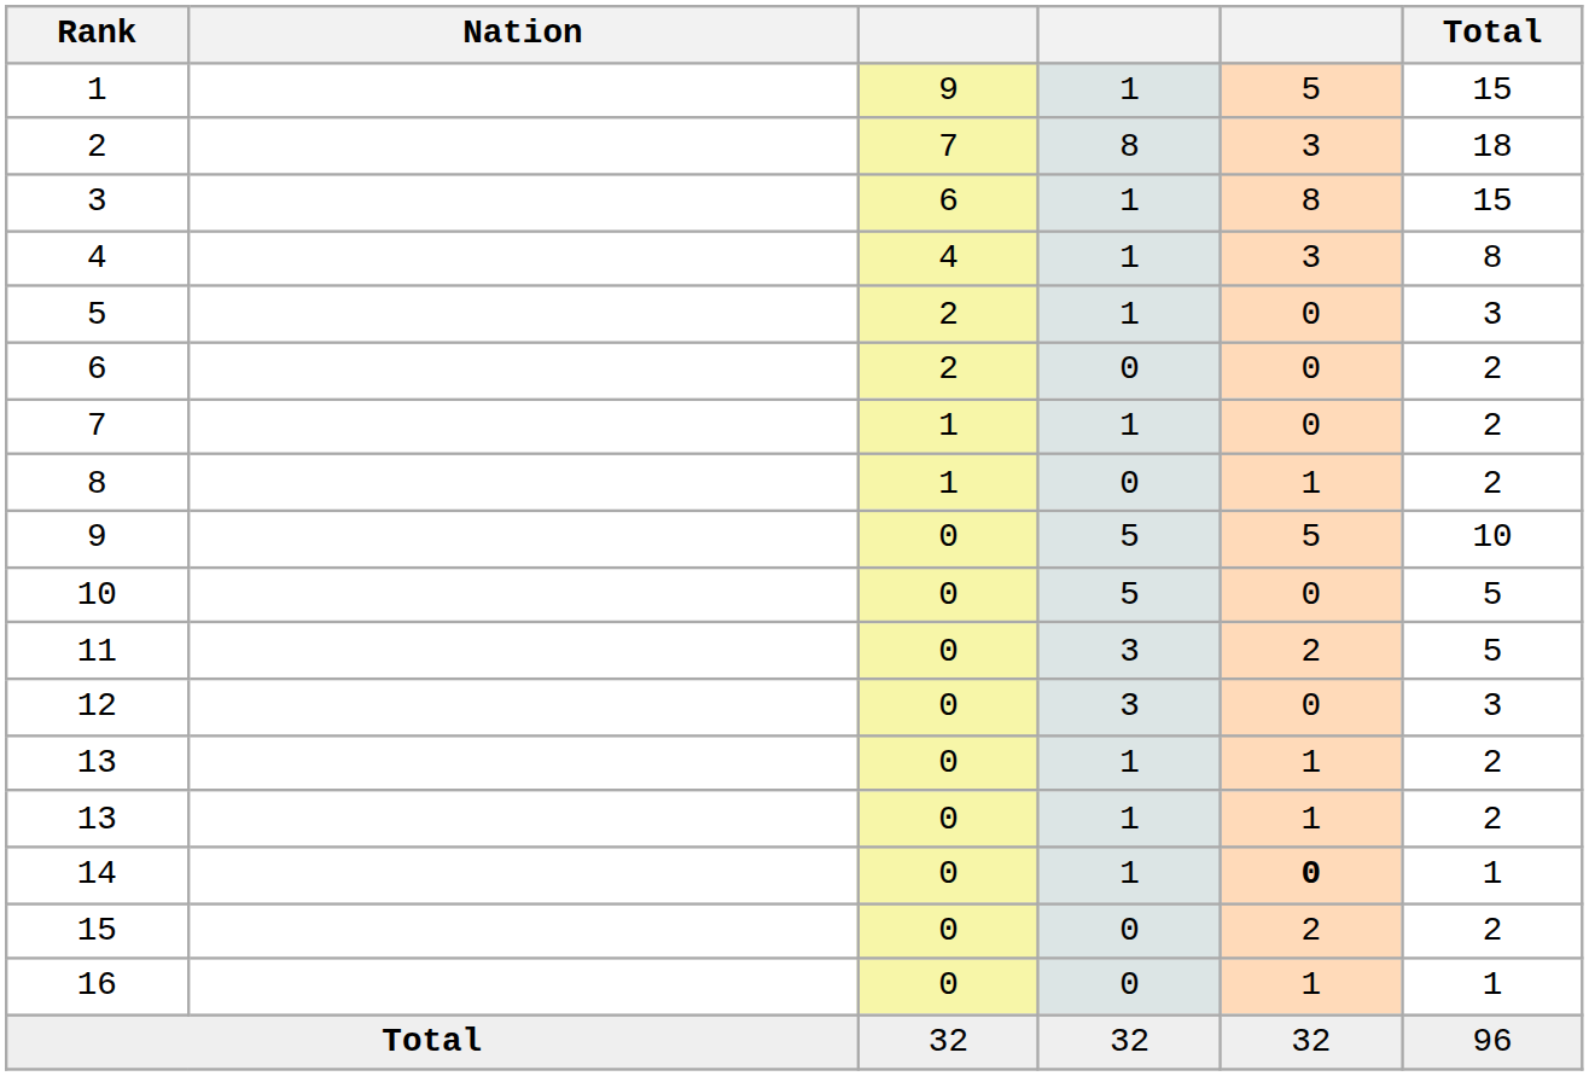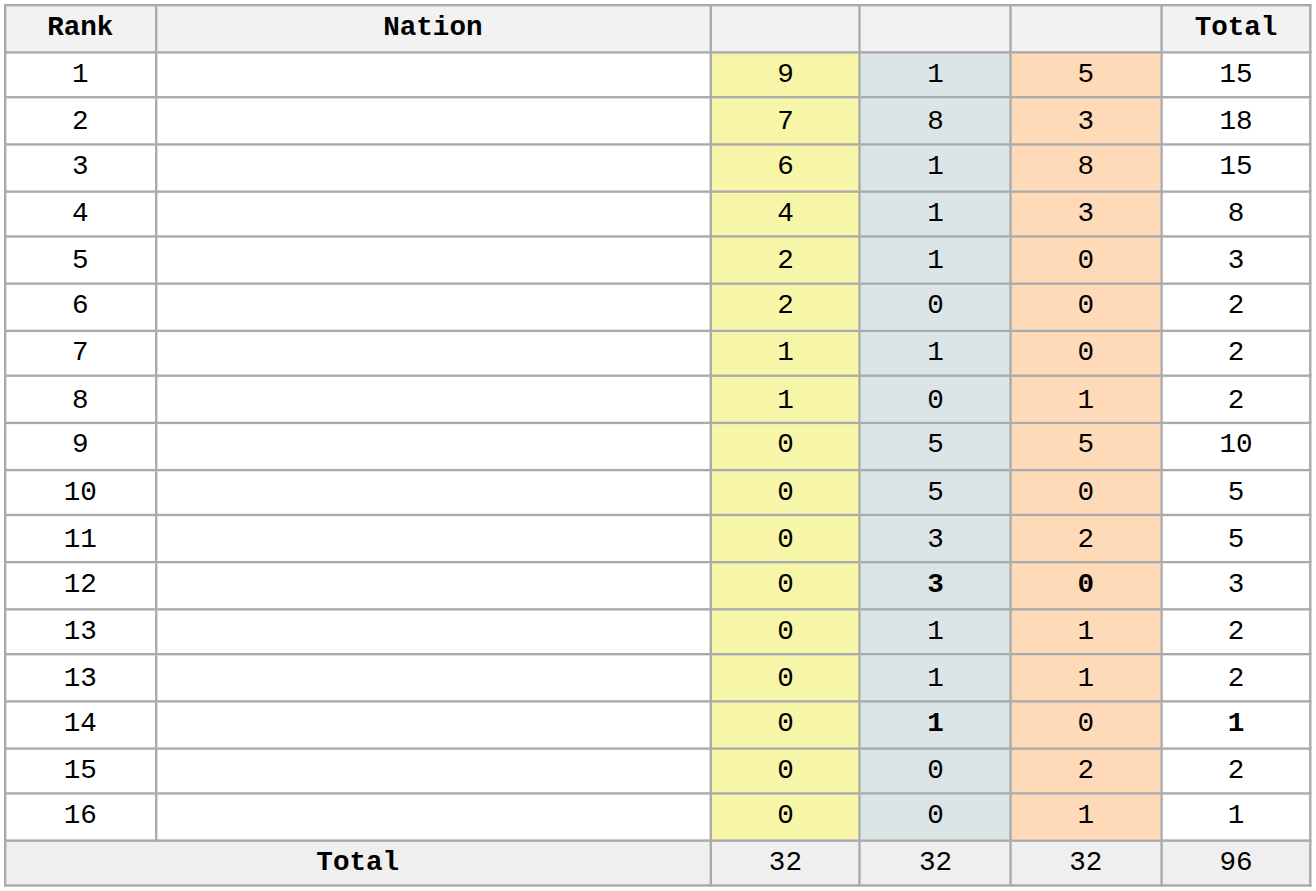 <table class=wikitable width=35% cellspacing="1" cellpadding="3" style="border:1px solid #AAAAAA;font-size:90%">
 <tr bgcolor="#EFEFEF">
 <th width=50>Rank</th>
 <th width=200>Nation</th>
 <th width=50></th>
 <th width=50></th>
 <th width=50></th>
 <th width=50>Total</th>
 </tr>
 <tr align="center" valign="top" bgcolor="#FFFFFF">
 <td rowspan="1" valign="center">1</td>
 <td align="left"></td>
 <td style="background:#F7F6A8;">9</td>
 <td style="background:#DCE5E5;">1</td>
 <td style="background:#FFDAB9;">5</td>
 <td>15</td>
 </tr>
 <tr align="center" valign="top" bgcolor="#FFFFFF">
 <td rowspan="1" valign="center">2</td>
 <td align="left"></td>
 <td style="background:#F7F6A8;">7</td>
 <td style="background:#DCE5E5;">8</td>
 <td style="background:#FFDAB9;">3</td>
 <td>18</td>
 </tr>
 <tr align="center" valign="top" bgcolor="#FFFFFF">
 <td rowspan="1" valign="center">3</td>
 <td align="left"></td>
 <td style="background:#F7F6A8;">6</td>
 <td style="background:#DCE5E5;">1</td>
 <td style="background:#FFDAB9;">8</td>
 <td>15</td>
 </tr>
 <tr align="center" valign="top" bgcolor="#FFFFFF">
 <td rowspan="1" valign="center">4</td>
 <td align="left"></td>
 <td style="background:#F7F6A8;">4</td>
 <td style="background:#DCE5E5;">1</td>
 <td style="background:#FFDAB9;">3</td>
 <td>8</td>
 </tr>
 <tr align="center" valign="top" bgcolor="#FFFFFF">
 <td rowspan="1" valign="center">5</td>
 <td align="left"></td>
 <td style="background:#F7F6A8;">2</td>
 <td style="background:#DCE5E5;">1</td>
 <td style="background:#FFDAB9;">0</td>
 <td>3</td>
 </tr>
 <tr align="center" valign="top" bgcolor="#FFFFFF">
 <td rowspan="1" valign="center">6</td>
 <td align="left"></td>
 <td style="background:#F7F6A8;">2</td>
 <td style="background:#DCE5E5;">0</td>
 <td style="background:#FFDAB9;">0</td>
 <td>2</td>
 </tr>
 <tr align="center" valign="top" bgcolor="#FFFFFF">
 <td rowspan="1" valign="center">7</td>
 <td align="left"></td>
 <td style="background:#F7F6A8;">1</td>
 <td style="background:#DCE5E5;">1</td>
 <td style="background:#FFDAB9;">0</td>
 <td>2</td>
 </tr>
 <tr align="center" valign="top" bgcolor="#FFFFFF">
 <td rowspan="1" valign="center">8</td>
 <td align="left"></td>
 <td style="background:#F7F6A8;">1</td>
 <td style="background:#DCE5E5;">0</td>
 <td style="background:#FFDAB9;">1</td>
 <td>2</td>
 </tr>
 <tr align="center" valign="top" bgcolor="#FFFFFF">
 <td rowspan="1" valign="center">9</td>
 <td align="left"></td>
 <td style="background:#F7F6A8;">0</td>
 <td style="background:#DCE5E5;">5</td>
 <td style="background:#FFDAB9;">5</td>
 <td>10</td>
 </tr>
 <tr align="center" valign="top" bgcolor="#FFFFFF">
 <td rowspan="1" valign="center">10</td>
 <td align="left"></td>
 <td style="background:#F7F6A8;">0</td>
 <td style="background:#DCE5E5;">5</td>
 <td style="background:#FFDAB9;">0</td>
 <td>5</td>
 </tr>
 <tr align="center" valign="top" bgcolor="#FFFFFF">
 <td rowspan="1" valign="center">11</td>
 <td align="left"></td>
 <td style="background:#F7F6A8;">0</td>
 <td style="background:#DCE5E5;">3</td>
 <td style="background:#FFDAB9;">2</td>
 <td>5</td>
 </tr>
 <tr align="center" valign="top" bgcolor="#FFFFFF">
 <td rowspan="1" valign="center">12</td>
 <td align="left"></td>
 <td style="background:#F7F6A8;">0</td>
-<td style="background:#DCE5E5;">3</td>
-<td style="background:#FFDAB9;">0</td>
+<td style="background:#DCE5E5;"><strong>3</strong></td>
+<td style="background:#FFDAB9;"><strong>0</strong></td>
 <td>3</td>
 </tr>
 <tr align="center" valign="top" bgcolor="#FFFFFF">
 <td rowspan="1" valign="center">13</td>
 <td align="left"></td>
 <td style="background:#F7F6A8;">0</td>
 <td style="background:#DCE5E5;">1</td>
 <td style="background:#FFDAB9;">1</td>
 <td>2</td>
 </tr>
 <tr align="center" valign="top" bgcolor="#FFFFFF">
 <td rowspan="1" valign="center">13</td>
 <td align="left"></td>
 <td style="background:#F7F6A8;">0</td>
 <td style="background:#DCE5E5;">1</td>
 <td style="background:#FFDAB9;">1</td>
 <td>2</td>
 </tr>
 <tr align="center" valign="top" bgcolor="#FFFFFF">
 <td rowspan="1" valign="center">14</td>
 <td align="left"></td>
 <td style="background:#F7F6A8;">0</td>
-<td style="background:#DCE5E5;">1</td>
-<td style="background:#FFDAB9;"><strong>0</strong></td>
-<td>1</td>
+<td style="background:#DCE5E5;"><strong>1</strong></td>
+<td style="background:#FFDAB9;">0</td>
+<td><strong>1</strong></td>
 </tr>
 <tr align="center" valign="top" bgcolor="#FFFFFF">
 <td rowspan="1" valign="center">15</td>
 <td align="left"></td>
 <td style="background:#F7F6A8;">0</td>
 <td style="background:#DCE5E5;">0</td>
 <td style="background:#FFDAB9;">2</td>
 <td>2</td>
 </tr>
 <tr align="center" valign="top" bgcolor="#FFFFFF">
 <td rowspan="1" valign="center">16</td>
 <td align="left"></td>
 <td style="background:#F7F6A8;">0</td>
 <td style="background:#DCE5E5;">0</td>
 <td style="background:#FFDAB9;">1</td>
 <td>1</td>
 </tr>
 <tr align="center" valign="top" bgcolor="#EFEFEF">
 <td colspan="2" rowspan="1" valign="center"><strong>Total</strong></td>
 <td>32</td>
 <td>32</td>
 <td>32</td>
 <td>96</td>
 </tr>
 </table>
